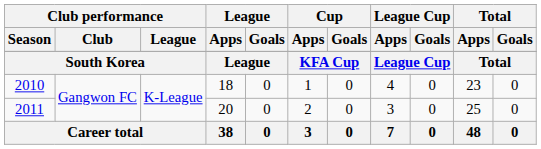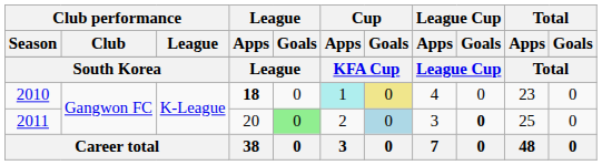 <table class="wikitable" style="text-align:center">
 <tr>
 <th colspan=3>Club performance</th>
 <th colspan=2>League</th>
 <th colspan=2>Cup</th>
 <th colspan=2>League Cup</th>
 <th colspan=2>Total</th>
 </tr>
 <tr>
 <th>Season</th>
 <th>Club</th>
 <th>League</th>
 <th>Apps</th>
 <th>Goals</th>
 <th>Apps</th>
 <th>Goals</th>
 <th>Apps</th>
 <th>Goals</th>
 <th>Apps</th>
 <th>Goals</th>
 </tr>
 <tr>
 </tr>
 <tr>
 <th colspan=3>South Korea</th>
 <th colspan=2>League</th>
 <th colspan=2><a href='#'>KFA Cup</a></th>
 <th colspan=2><a href='#'>League Cup</a></th>
 <th colspan=2>Total</th>
 </tr>
 <tr>
 <td><a href='#'>2010</a></td>
 <td rowspan=2><a href='#'>Gangwon FC</a></td>
 <td rowspan=2><a href='#'>K-League</a></td>
-<td>18</td>
+<td><strong>18</strong></td>
 <td>0</td>
-<td>1</td>
-<td>0</td>
+<td style="background: paleturquoise;">1</td>
+<td style="background: khaki;">0</td>
 <td>4</td>
 <td>0</td>
 <td>23</td>
 <td>0</td>
 </tr>
 <tr>
 <td><a href='#'>2011</a></td>
 <td>20</td>
-<td>0</td>
+<td style="background: lightgreen;">0</td>
 <td>2</td>
-<td>0</td>
+<td style="background: lightblue;">0</td>
 <td>3</td>
-<td>0</td>
+<td><strong>0</strong></td>
 <td>25</td>
 <td>0</td>
 </tr>
 <tr>
 <th colspan=3>Career total</th>
 <th>38</th>
 <th>0</th>
 <th>3</th>
 <th>0</th>
 <th>7</th>
 <th>0</th>
 <th>48</th>
 <th>0</th>
 </tr>
 </table>
